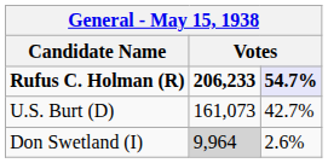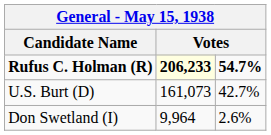 <table class="wikitable">
 <tr>
 <th colspan="4"><a href='#'>General - May 15, 1938</a></th>
 </tr>
 <tr>
 <th>Candidate Name</th>
 <th colspan="3">Votes</th>
 </tr>
 <tr>
 <td><strong>Rufus C. Holman (R)</strong></td>
-<td><strong>206,233</strong></td>
-<td style="background: lavender;"><strong>54.7%</strong></td>
+<td style="background: lightyellow;"><strong>206,233</strong></td>
+<td><strong>54.7%</strong></td>
 </tr>
 <tr>
 <td>U.S. Burt (D)</td>
 <td>161,073</td>
 <td>42.7%</td>
 </tr>
 <tr>
 <td>Don Swetland (I)</td>
-<td style="background: lightgrey;">9,964</td>
+<td>9,964</td>
 <td>2.6%</td>
 </tr>
 </table>
